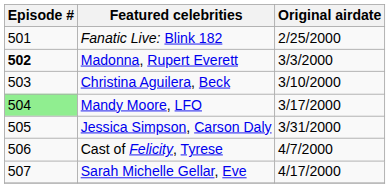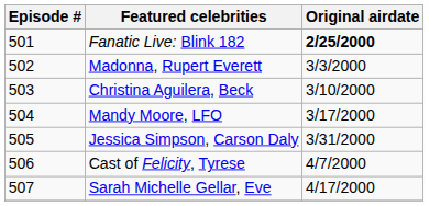 <table class="wikitable">
 <tr>
 <th>Episode #</th>
 <th>Featured celebrities</th>
 <th>Original airdate</th>
 </tr>
 <tr>
 <td>501</td>
 <td><em>Fanatic Live:</em> <a href='#'>Blink 182</a></td>
-<td>2/25/2000</td>
+<td><strong>2/25/2000</strong></td>
 </tr>
 <tr>
-<td><strong>502</strong></td>
+<td>502</td>
 <td><a href='#'>Madonna</a>, <a href='#'>Rupert Everett</a></td>
 <td>3/3/2000</td>
 </tr>
 <tr>
 <td>503</td>
 <td><a href='#'>Christina Aguilera</a>, <a href='#'>Beck</a></td>
 <td>3/10/2000</td>
 </tr>
 <tr>
-<td style="background: lightgreen;">504</td>
+<td>504</td>
 <td><a href='#'>Mandy Moore</a>, <a href='#'>LFO</a></td>
 <td>3/17/2000</td>
 </tr>
 <tr>
 <td>505</td>
 <td><a href='#'>Jessica Simpson</a>, <a href='#'>Carson Daly</a></td>
 <td>3/31/2000</td>
 </tr>
 <tr>
 <td>506</td>
 <td>Cast of <em><a href='#'>Felicity</a></em>, <a href='#'>Tyrese</a></td>
 <td>4/7/2000</td>
 </tr>
 <tr>
 <td>507</td>
 <td><a href='#'>Sarah Michelle Gellar</a>, <a href='#'>Eve</a></td>
 <td>4/17/2000</td>
 </tr>
 <tr>
 </tr>
 </table>
